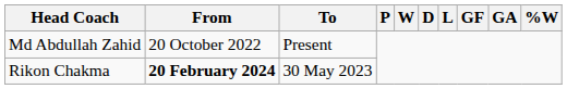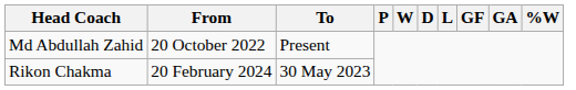 <table class="wikitable sortable" style="text-align:center">
 <tr>
 <th>Head Coach</th>
 <th Class="unsortable">From</th>
 <th Class="unsortable">To</th>
 <th abbr="3">P</th>
 <th abbr="1">W</th>
 <th abbr="1">D</th>
 <th abbr="1">L</th>
 <th abbr="4">GF</th>
 <th abbr="6">GA</th>
 <th abbr="50">%W</th>
 </tr>
 <tr>
 <td align=left> Md Abdullah Zahid</td>
 <td align=left>20 October 2022</td>
 <td align=left>Present<br></td>
 </tr>
 <tr>
 <td align=left> Rikon Chakma</td>
-<td align=left><strong>20 February 2024</strong></td>
+<td align=left>20 February 2024</td>
 <td align=left>30 May 2023<br></td>
 </tr>
 </table>
